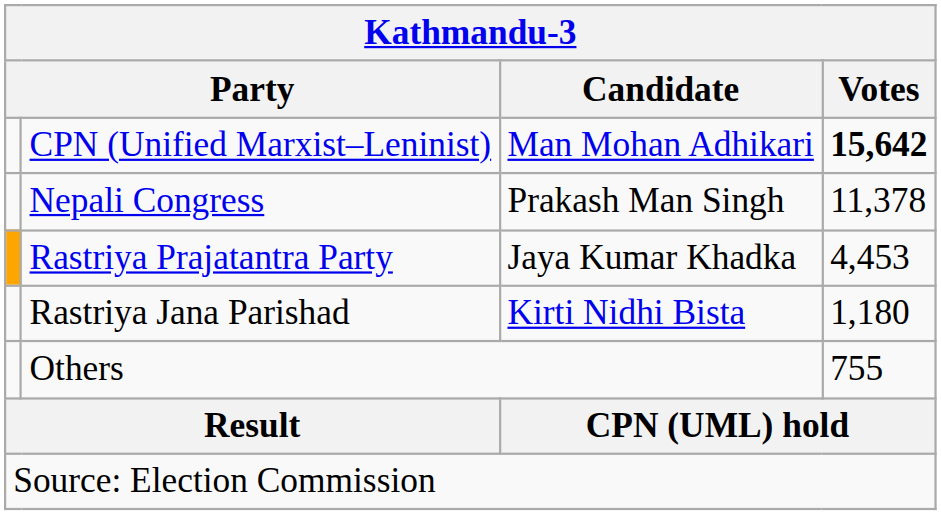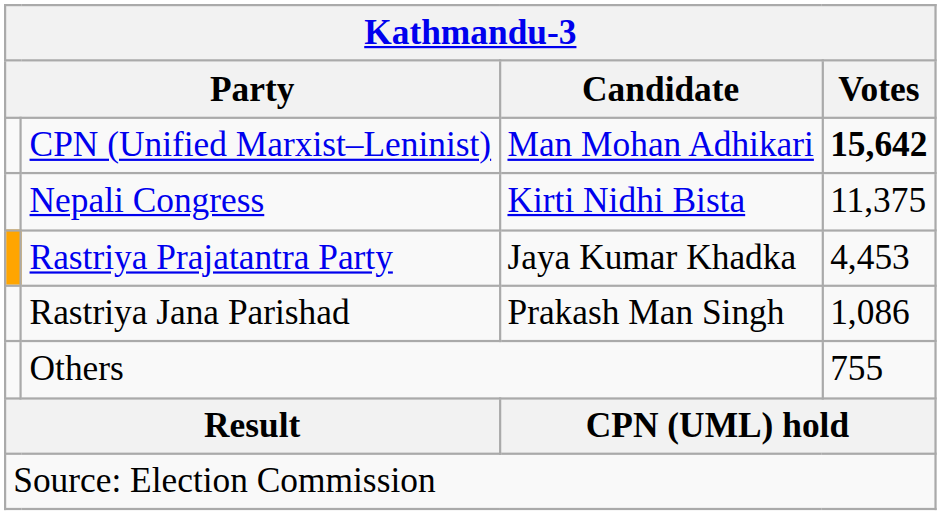 <table class="wikitable">
 <tr>
 <th colspan="4"><a href='#'>Kathmandu-3</a></th>
 </tr>
 <tr>
 <th colspan="2">Party</th>
 <th>Candidate</th>
 <th>Votes</th>
 </tr>
 <tr>
 <td style="background-color:"></td>
 <td><a href='#'>CPN (Unified Marxist–Leninist)</a></td>
 <td><a href='#'>Man Mohan Adhikari</a></td>
 <td><strong>15,642</strong></td>
 </tr>
 <tr>
 <td style="background-color:"></td>
 <td><a href='#'>Nepali Congress</a></td>
-<td>Prakash Man Singh</td>
-<td>11,378</td>
+<td><a href='#'>Kirti Nidhi Bista</a></td>
+<td>11,375</td>
 </tr>
 <tr>
 <td style="background-color:orange"></td>
 <td><a href='#'>Rastriya Prajatantra Party</a></td>
 <td>Jaya Kumar Khadka</td>
 <td>4,453</td>
 </tr>
 <tr>
 <td></td>
 <td>Rastriya Jana Parishad</td>
-<td><a href='#'>Kirti Nidhi Bista</a></td>
-<td>1,180</td>
+<td>Prakash Man Singh</td>
+<td>1,086</td>
 </tr>
 <tr>
 <td></td>
 <td colspan="2">Others</td>
 <td>755</td>
 </tr>
 <tr>
 <th colspan="2">Result</th>
 <th colspan="2">CPN (UML) hold</th>
 </tr>
 <tr>
 <td colspan="4">Source: Election Commission</td>
 </tr>
 </table>
